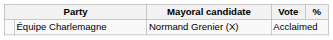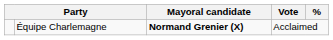 <table class="wikitable">
 <tr>
 <th bgcolor="#DDDDFF" width="230px" colspan="2">Party</th>
 <th bgcolor="#DDDDFF" width="200px">Mayoral candidate</th>
 <th bgcolor="#DDDDFF" width="50px">Vote</th>
 <th bgcolor="#DDDDFF" width="30px">%</th>
 </tr>
 <tr>
 <td> </td>
 <td>Équipe Charlemagne</td>
-<td>Normand Grenier (X)</td>
+<td><strong>Normand Grenier (X)</strong></td>
 <td colspan="2">Acclaimed</td>
 </tr>
 </table>
